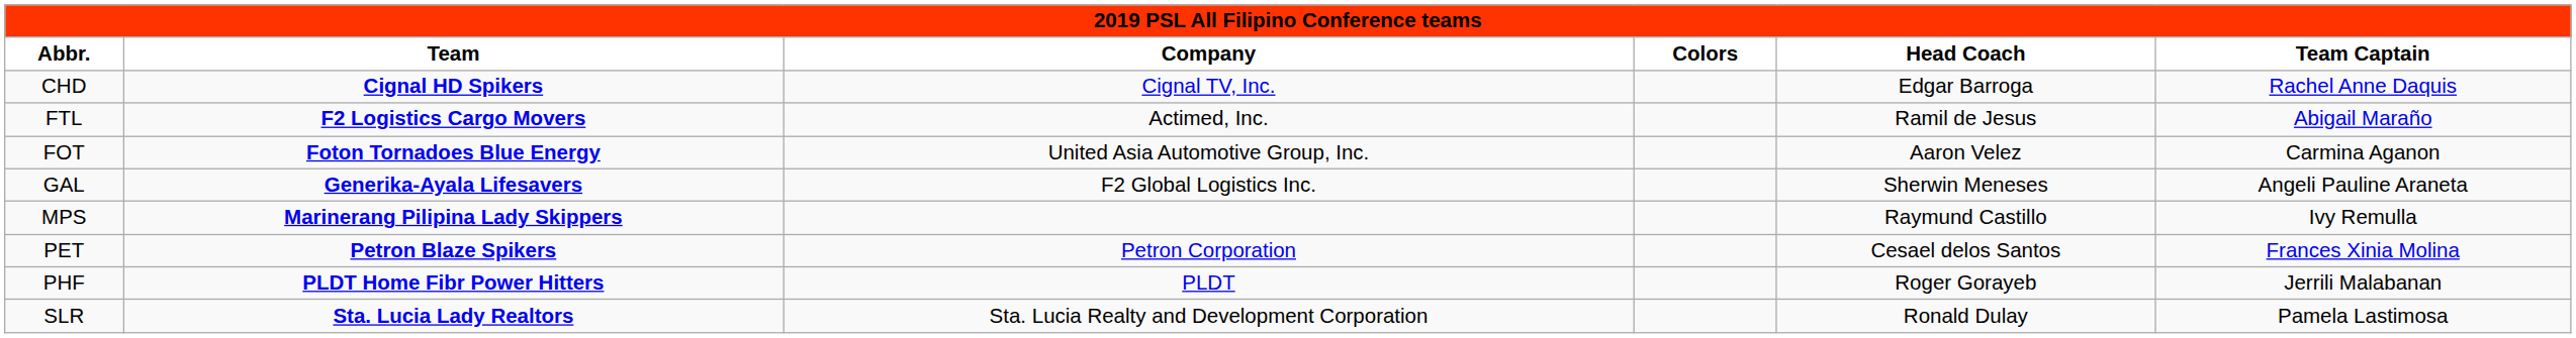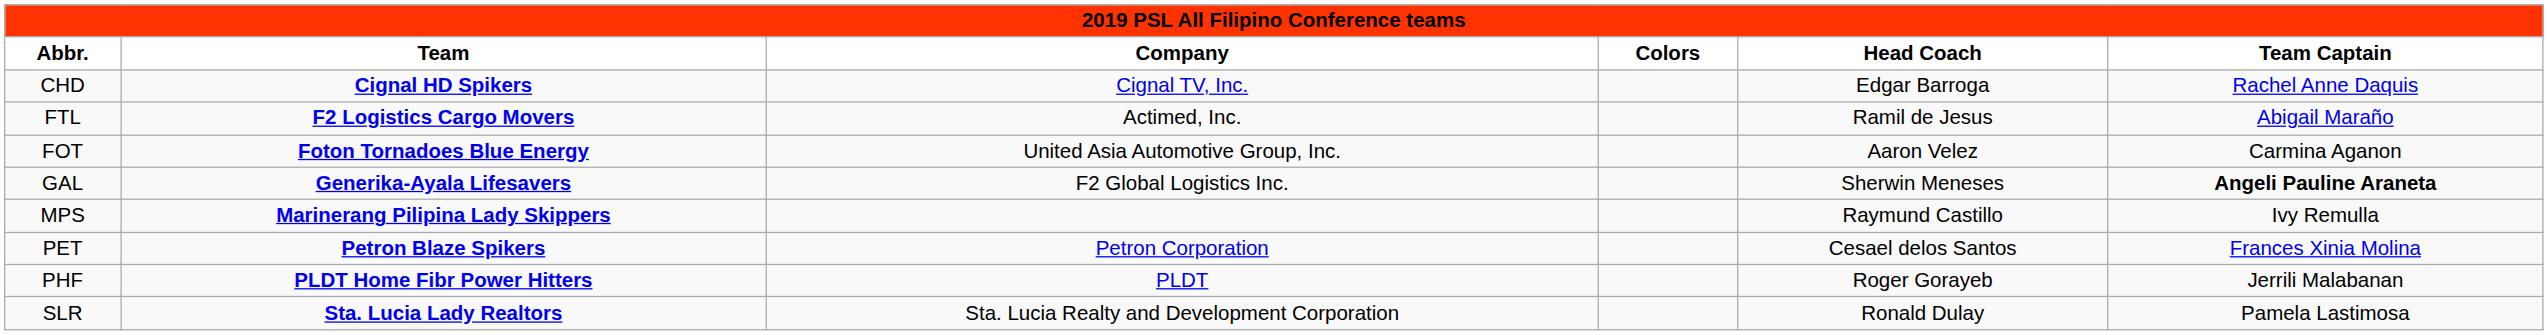 <table class="wikitable" style="width:100%; text-align:left">
 <tr>
 <th style=background:#ff3300 colspan=7><span>2019 PSL All Filipino Conference teams</span></th>
 </tr>
 <tr>
 <th style="background:white">Abbr.</th>
 <th style="background:white">Team</th>
 <th style="background:white">Company</th>
 <th style="background:white">Colors</th>
 <th style="background:white">Head Coach</th>
 <th style="background:white">Team Captain</th>
 </tr>
 <tr>
 <td align=center>CHD</td>
 <td align=center><strong><a href='#'>Cignal HD Spikers</a></strong></td>
 <td align=center><a href='#'>Cignal TV, Inc.</a></td>
 <td align=center> </td>
 <td align=center>Edgar Barroga</td>
 <td align=center><a href='#'>Rachel Anne Daquis</a></td>
 </tr>
 <tr>
 <td align=center>FTL</td>
 <td align=center><strong><a href='#'>F2 Logistics Cargo Movers</a></strong></td>
 <td align=center>Actimed, Inc.</td>
 <td align=center>  </td>
 <td align=center>Ramil de Jesus</td>
 <td align=center><a href='#'>Abigail Maraño</a></td>
 </tr>
 <tr>
 <td align=center>FOT</td>
 <td align=center><strong><a href='#'>Foton Tornadoes Blue Energy</a></strong></td>
 <td align=center>United Asia Automotive Group, Inc.</td>
 <td align=center> </td>
 <td align=center>Aaron Velez</td>
 <td align=center>Carmina Aganon</td>
 </tr>
 <tr>
 <td align=center>GAL</td>
 <td align=center><strong><a href='#'>Generika-Ayala Lifesavers</a></strong></td>
 <td align=center>F2 Global Logistics Inc.</td>
 <td align=center>  </td>
 <td align=center>Sherwin Meneses</td>
-<td align=center>Angeli Pauline Araneta</td>
+<td align=center><strong>Angeli Pauline Araneta</strong></td>
 </tr>
 <tr>
 <td align=center>MPS</td>
 <td align=center><strong><a href='#'>Marinerang Pilipina Lady Skippers</a></strong></td>
 <td align=center></td>
 <td align=center>  </td>
 <td align=center>Raymund Castillo</td>
 <td align=center>Ivy Remulla</td>
 </tr>
 <tr>
 <td align=center>PET</td>
 <td align=center><strong><a href='#'>Petron Blaze Spikers</a></strong></td>
 <td align=center><a href='#'>Petron Corporation</a></td>
 <td align=center>  </td>
 <td align=center>Cesael delos Santos</td>
 <td align=center><a href='#'>Frances Xinia Molina</a></td>
 </tr>
 <tr>
 <td align=center>PHF</td>
 <td align=center><strong><a href='#'>PLDT Home Fibr Power Hitters</a></strong></td>
 <td align=center><a href='#'>PLDT</a></td>
 <td align=center>  </td>
 <td align=center>Roger Gorayeb</td>
 <td align=center>Jerrili Malabanan</td>
 </tr>
 <tr>
 <td align=center>SLR</td>
 <td align=center><strong><a href='#'>Sta. Lucia Lady Realtors</a></strong></td>
 <td align=center>Sta. Lucia Realty and Development Corporation</td>
 <td align=center>  </td>
 <td align=center>Ronald Dulay</td>
 <td align=center>Pamela Lastimosa</td>
 </tr>
 </table>
